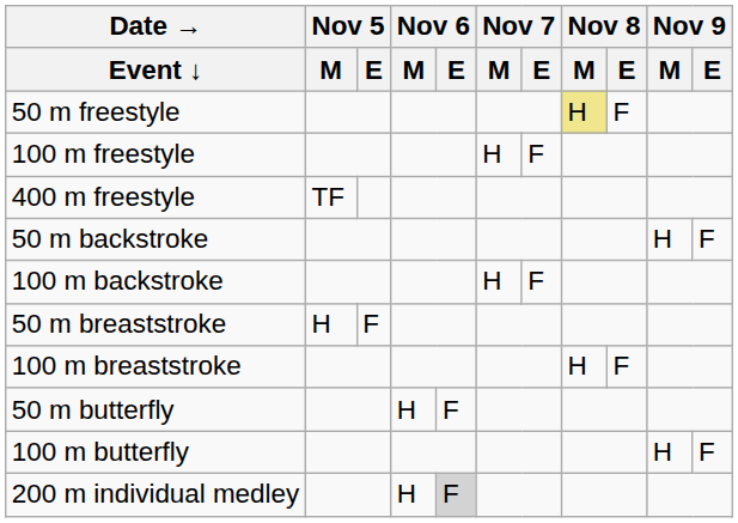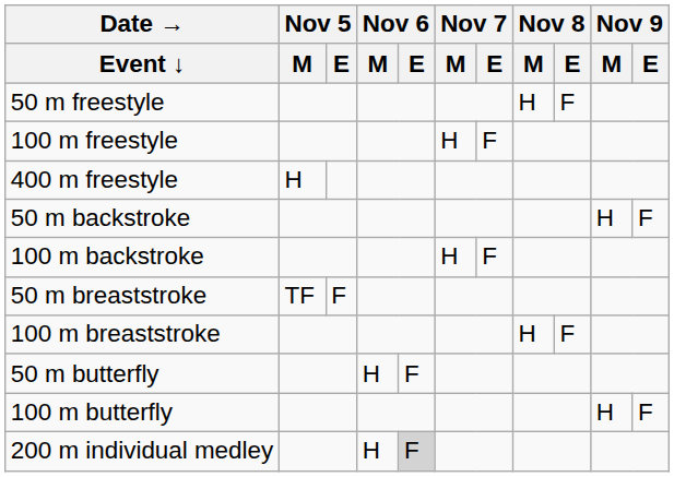 <table class="wikitable swimming-schedule floatleft">
 <tr>
 <th>Date →</th>
 <th colspan="2">Nov 5</th>
 <th colspan="2">Nov 6</th>
 <th colspan="2">Nov 7</th>
 <th colspan="2">Nov 8</th>
 <th colspan="2">Nov 9</th>
 </tr>
 <tr>
 <th>Event   ↓</th>
 <th>M</th>
 <th>E</th>
 <th>M</th>
 <th>E</th>
 <th>M</th>
 <th>E</th>
 <th>M</th>
 <th>E</th>
 <th>M</th>
 <th>E</th>
 </tr>
 <tr>
 <td class="event">50 m freestyle</td>
 <td colspan=2></td>
 <td colspan=2></td>
 <td colspan=2></td>
-<td class="heats" style="background: khaki;">H</td>
+<td class="heats">H</td>
 <td class="final">F</td>
 <td colspan=2></td>
 </tr>
 <tr>
 <td class="event">100 m freestyle</td>
 <td colspan=2></td>
 <td colspan=2></td>
 <td class="heats">H</td>
 <td class="final">F</td>
 <td colspan=2></td>
 <td colspan=2></td>
 </tr>
 <tr>
 <td class="event">400 m freestyle</td>
-<td class="timed-final">TF</td>
+<td class="heats">H</td>
 <td></td>
 <td colspan=2></td>
 <td colspan=2></td>
 <td colspan=2></td>
 <td colspan=2></td>
 </tr>
 <tr>
 <td class="event">50 m backstroke</td>
 <td colspan=2></td>
 <td colspan=2></td>
 <td colspan=2></td>
 <td colspan=2></td>
 <td class="heats">H</td>
 <td class="final">F</td>
 </tr>
 <tr>
 <td class="event">100 m backstroke</td>
 <td colspan=2></td>
 <td colspan=2></td>
 <td class="heats">H</td>
 <td class="final">F</td>
 <td colspan=2></td>
 <td colspan=2></td>
 </tr>
 <tr>
 <td class="event">50 m breaststroke</td>
-<td class="heats">H</td>
+<td class="timed-final">TF</td>
 <td class="final">F</td>
 <td colspan=2></td>
 <td colspan=2></td>
 <td colspan=2></td>
 <td colspan=2></td>
 </tr>
 <tr>
 <td class="event">100 m breaststroke</td>
 <td colspan=2></td>
 <td colspan=2></td>
 <td colspan=2></td>
 <td class="heats">H</td>
 <td class="final">F</td>
 <td colspan=2></td>
 </tr>
 <tr>
 <td class="event">50 m butterfly</td>
 <td colspan=2></td>
 <td class="heats">H</td>
 <td class="final">F</td>
 <td colspan=2></td>
 <td colspan=2></td>
 <td colspan=2></td>
 </tr>
 <tr>
 <td class="event">100 m butterfly</td>
 <td colspan=2></td>
 <td colspan=2></td>
 <td colspan=2></td>
 <td colspan=2></td>
 <td class="heats">H</td>
 <td class="final">F</td>
 </tr>
 <tr>
 <td class="event">200 m individual medley</td>
 <td colspan=2></td>
 <td class="heats">H</td>
 <td class="final" style="background: lightgrey;">F</td>
 <td colspan=2></td>
 <td colspan=2></td>
 <td colspan=2></td>
 </tr>
 </table>
